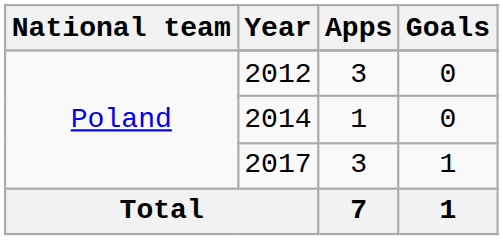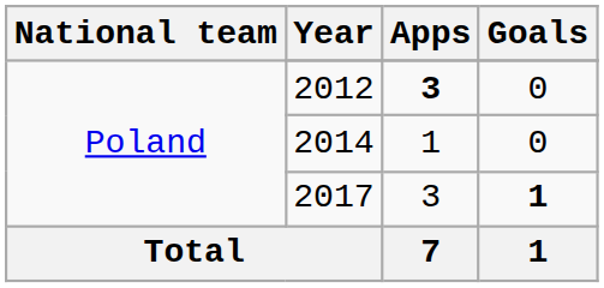 <table class="wikitable" style="text-align:center">
 <tr>
 <th>National team</th>
 <th>Year</th>
 <th>Apps</th>
 <th>Goals</th>
 </tr>
 <tr>
 <td rowspan=4><a href='#'>Poland</a></td>
 </tr>
 <tr>
 <td>2012</td>
-<td>3</td>
+<td><strong>3</strong></td>
 <td>0</td>
 </tr>
 <tr>
 <td>2014</td>
 <td>1</td>
 <td>0</td>
 </tr>
 <tr>
 <td>2017</td>
 <td>3</td>
-<td>1</td>
+<td><strong>1</strong></td>
 </tr>
 <tr>
 <th colspan="2">Total</th>
 <th>7</th>
 <th>1</th>
 </tr>
 </table>
